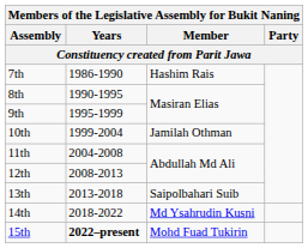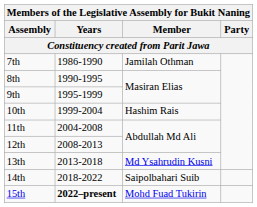 <table class=wikitable>
 <tr>
 <th colspan=4>Members of the Legislative Assembly for Bukit Naning</th>
 </tr>
 <tr>
 <th>Assembly</th>
 <th>Years</th>
 <th>Member</th>
 <th>Party</th>
 </tr>
 <tr>
 <th colspan=4 align=center><em>Constituency created from Parit Jawa</em></th>
 </tr>
 <tr>
 <td>7th</td>
 <td>1986-1990</td>
-<td>Hashim Rais</td>
+<td>Jamilah Othman</td>
 <td rowspan="7"></td>
 </tr>
 <tr>
 <td>8th</td>
 <td>1990-1995</td>
 <td rowspan="2">Masiran Elias</td>
 </tr>
 <tr>
 <td>9th</td>
 <td>1995-1999</td>
 </tr>
 <tr>
 <td>10th</td>
 <td>1999-2004</td>
-<td>Jamilah Othman</td>
+<td>Hashim Rais</td>
 </tr>
 <tr>
 <td>11th</td>
 <td>2004-2008</td>
 <td rowspan="2">Abdullah Md Ali</td>
 </tr>
 <tr>
 <td>12th</td>
 <td>2008-2013</td>
 </tr>
 <tr>
 <td>13th</td>
 <td>2013-2018</td>
-<td>Saipolbahari Suib</td>
+<td><a href='#'>Md Ysahrudin Kusni</a></td>
 </tr>
 <tr>
 <td>14th</td>
 <td>2018-2022</td>
-<td><a href='#'>Md Ysahrudin Kusni</a></td>
+<td>Saipolbahari Suib</td>
 <td></td>
 </tr>
 <tr>
 <td><a href='#'>15th</a></td>
 <td><strong>2022–present</strong></td>
 <td><a href='#'>Mohd Fuad Tukirin</a></td>
 <td></td>
 </tr>
 </table>
